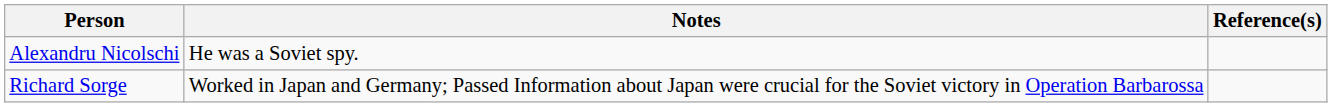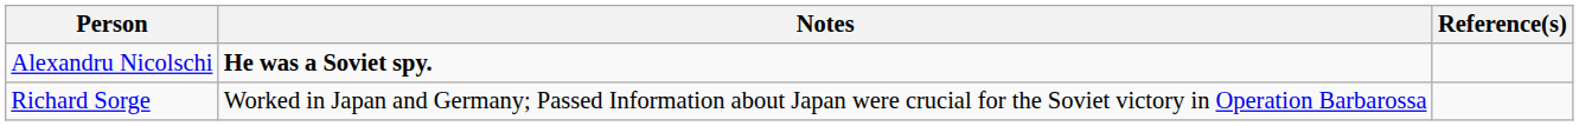 <table class="wikitable sortable">
 <tr>
 <th>Person</th>
 <th class="unsortable">Notes</th>
 <th class="unsortable">Reference(s)</th>
 </tr>
 <tr>
 <td data-sort-value="Nicolschi, Alexandru"><a href='#'>Alexandru Nicolschi</a></td>
-<td>He was a Soviet spy.</td>
+<td><strong>He was a Soviet spy.</strong></td>
 <td></td>
 </tr>
 <tr>
 <td data-sort-value="Sorge, Richard"><a href='#'>Richard Sorge</a></td>
 <td>Worked in Japan and Germany; Passed Information about Japan were crucial for the Soviet victory in <a href='#'>Operation Barbarossa</a></td>
 </tr>
 </table>
